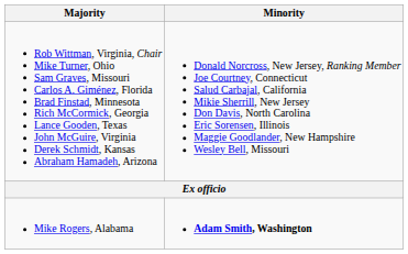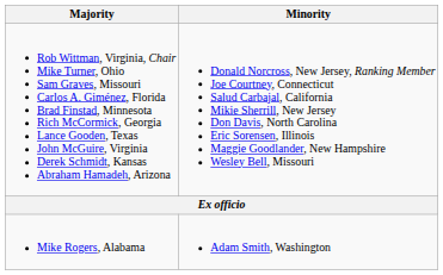 <table class=wikitable>
 <tr>
 <th>Majority</th>
 <th>Minority</th>
 </tr>
 <tr>
 <td><br><ul><li><a href='#'>Rob Wittman</a>, Virginia, <em>Chair</em></li><li><a href='#'>Mike Turner</a>, Ohio</li><li><a href='#'>Sam Graves</a>, Missouri</li><li><a href='#'>Carlos A. Giménez</a>, Florida</li><li><a href='#'>Brad Finstad</a>, Minnesota</li><li><a href='#'>Rich McCormick</a>, Georgia</li><li><a href='#'>Lance Gooden</a>, Texas</li><li><a href='#'>John McGuire</a>, Virginia</li><li><a href='#'>Derek Schmidt</a>, Kansas</li><li><a href='#'>Abraham Hamadeh</a>, Arizona</li></ul></td>
 <td><br><ul><li><a href='#'>Donald Norcross</a>, New Jersey, <em>Ranking Member</em></li><li><a href='#'>Joe Courtney</a>, Connecticut</li><li><a href='#'>Salud Carbajal</a>, California</li><li><a href='#'>Mikie Sherrill</a>, New Jersey</li><li><a href='#'>Don Davis</a>, North Carolina</li><li><a href='#'>Eric Sorensen</a>, Illinois</li><li><a href='#'>Maggie Goodlander</a>, New Hampshire</li><li><a href='#'>Wesley Bell</a>, Missouri</li></ul></td>
 </tr>
 <tr>
 <th colspan=2><em>Ex officio</em></th>
 </tr>
 <tr>
 <td><br><ul><li><a href='#'>Mike Rogers</a>, Alabama</li></ul></td>
-<td><strong><br><ul><li><a href='#'>Adam Smith</a>, Washington</li></ul></strong></td>
+<td><br><ul><li><a href='#'>Adam Smith</a>, Washington</li></ul></td>
 </tr>
 </table>
